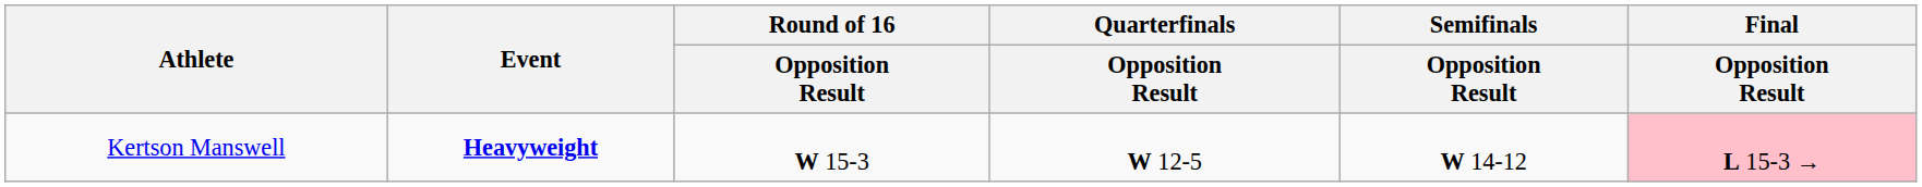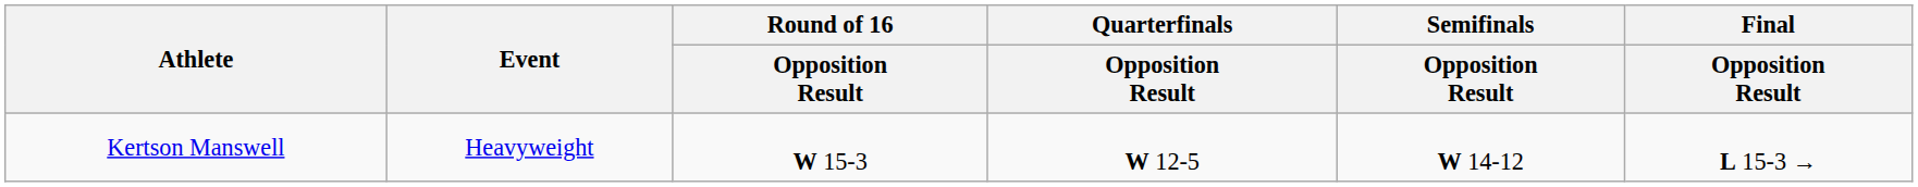 <table class="wikitable" style="font-size:95%; text-align:center;" width="95%">
 <tr>
 <th rowspan="2">Athlete</th>
 <th rowspan="2">Event</th>
 <th>Round of 16</th>
 <th>Quarterfinals</th>
 <th>Semifinals</th>
 <th>Final</th>
 </tr>
 <tr>
 <th>Opposition<br>Result</th>
 <th>Opposition<br>Result</th>
 <th>Opposition<br>Result</th>
 <th>Opposition<br>Result</th>
 </tr>
 <tr>
 <td width=20%><a href='#'>Kertson Manswell</a></td>
-<td width=15%><strong><a href='#'>Heavyweight</a></strong></td>
+<td width=15%><a href='#'>Heavyweight</a></td>
 <td><br><strong>W</strong> 15-3</td>
 <td><br><strong>W</strong> 12-5</td>
 <td><br><strong>W</strong> 14-12</td>
-<td style="background: pink;"><br><strong>L</strong> 15-3 → </td>
+<td><br><strong>L</strong> 15-3 → </td>
 </tr>
 </table>
